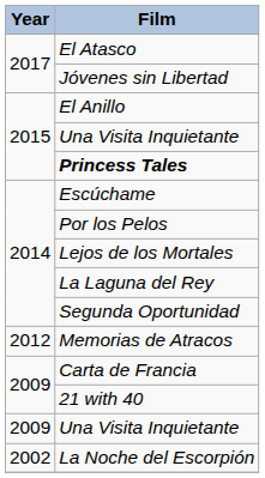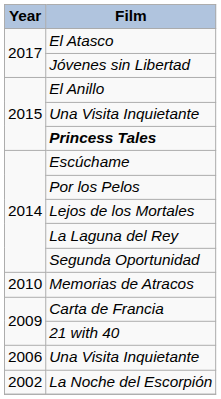 <table class="wikitable">
 <tr>
 <th style="background:#B0C4DE;">Year</th>
 <th style="background:#B0C4DE;">Film</th>
 </tr>
 <tr>
 <td rowspan="2">2017</td>
 <td><em>El Atasco</em></td>
 </tr>
 <tr>
 <td><em>Jóvenes sin Libertad</em></td>
 </tr>
 <tr>
 <td rowspan="3">2015</td>
 <td><em>El Anillo</em></td>
 </tr>
 <tr>
 <td><em>Una Visita Inquietante</em></td>
 </tr>
 <tr>
 <td><strong><em>Princess Tales</em></strong></td>
 </tr>
 <tr>
 <td rowspan="5">2014</td>
 <td><em>Escúchame</em></td>
 </tr>
 <tr>
 <td><em>Por los Pelos</em></td>
 </tr>
 <tr>
 <td><em>Lejos de los Mortales</em></td>
 </tr>
 <tr>
 <td><em>La Laguna del Rey</em></td>
 </tr>
 <tr>
 <td><em>Segunda Oportunidad</em></td>
 </tr>
 <tr>
-<td>2012</td>
+<td>2010</td>
 <td><em>Memorias de Atracos</em></td>
 </tr>
 <tr>
 <td rowspan="2">2009</td>
 <td><em>Carta de Francia</em></td>
 </tr>
 <tr>
 <td><em>21 with 40</em></td>
 </tr>
 <tr>
-<td>2009</td>
+<td>2006</td>
 <td><em>Una Visita Inquietante</em></td>
 </tr>
 <tr>
 <td>2002</td>
 <td><em>La Noche del Escorpión</em></td>
 </tr>
 <tr>
 </tr>
 </table>
